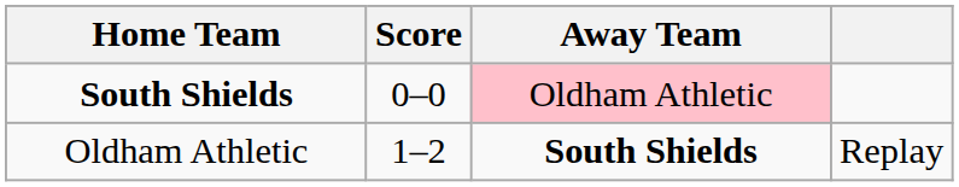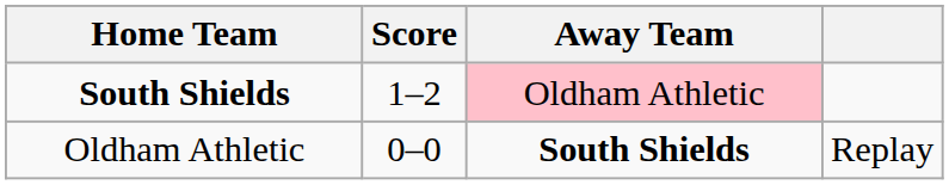 <table class="wikitable" style="text-align:center">
 <tr>
 <th width=150>Home Team</th>
 <th width=20>Score</th>
 <th width=150>Away Team</th>
 <th></th>
 </tr>
 <tr>
 <td><strong>South Shields</strong></td>
-<td>0–0</td>
+<td>1–2</td>
 <td style="background: pink;">Oldham Athletic</td>
 </tr>
 <tr>
 <td>Oldham Athletic</td>
-<td>1–2</td>
+<td>0–0</td>
 <td><strong>South Shields</strong></td>
 <td>Replay</td>
 </tr>
 </table>
